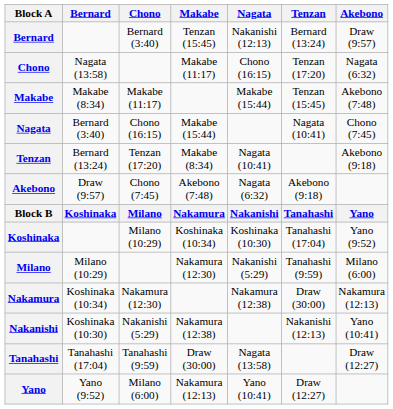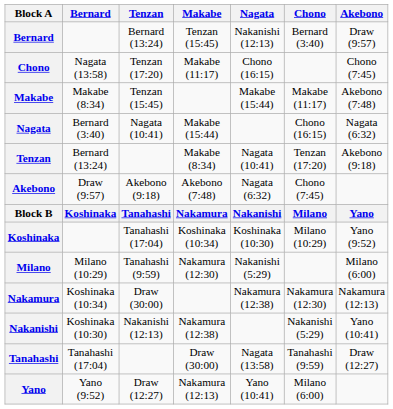 <table class="wikitable" style="margin: 1em auto 1em auto">
 <tr align="center">
 <th>Block A</th>
 <th><a href='#'>Bernard</a></th>
-<th><a href='#'>Chono</a></th>
+<th><a href='#'>Tenzan</a></th>
 <th><a href='#'>Makabe</a></th>
 <th><a href='#'>Nagata</a></th>
-<th><a href='#'>Tenzan</a></th>
+<th><a href='#'>Chono</a></th>
 <th><a href='#'>Akebono</a></th>
 </tr>
 <tr align="center">
 <th><a href='#'>Bernard</a></th>
 <td></td>
-<td>Bernard<br>(3:40)</td>
+<td>Bernard<br>(13:24)</td>
 <td>Tenzan<br>(15:45)</td>
 <td>Nakanishi<br>(12:13)</td>
-<td>Bernard<br>(13:24)</td>
+<td>Bernard<br>(3:40)</td>
 <td>Draw<br>(9:57)</td>
 </tr>
 <tr align="center">
 <th><a href='#'>Chono</a></th>
 <td>Nagata<br>(13:58)</td>
-<td></td>
+<td>Tenzan<br>(17:20)</td>
 <td>Makabe<br>(11:17)</td>
 <td>Chono<br>(16:15)</td>
-<td>Tenzan<br>(17:20)</td>
-<td>Nagata<br>(6:32)</td>
+<td></td>
+<td>Chono<br>(7:45)</td>
 </tr>
 <tr align="center">
 <th><a href='#'>Makabe</a></th>
 <td>Makabe<br>(8:34)</td>
-<td>Makabe<br>(11:17)</td>
+<td>Tenzan<br>(15:45)</td>
 <td></td>
 <td>Makabe<br>(15:44)</td>
-<td>Tenzan<br>(15:45)</td>
+<td>Makabe<br>(11:17)</td>
 <td>Akebono<br>(7:48)</td>
 </tr>
 <tr align="center">
 <th><a href='#'>Nagata</a></th>
 <td>Bernard<br>(3:40)</td>
-<td>Chono<br>(16:15)</td>
+<td>Nagata<br>(10:41)</td>
 <td>Makabe<br>(15:44)</td>
 <td></td>
-<td>Nagata<br>(10:41)</td>
-<td>Chono<br>(7:45)</td>
+<td>Chono<br>(16:15)</td>
+<td>Nagata<br>(6:32)</td>
 </tr>
 <tr align="center">
 <th><a href='#'>Tenzan</a></th>
 <td>Bernard<br>(13:24)</td>
-<td>Tenzan<br>(17:20)</td>
+<td></td>
 <td>Makabe<br>(8:34)</td>
 <td>Nagata<br>(10:41)</td>
-<td></td>
+<td>Tenzan<br>(17:20)</td>
 <td>Akebono<br>(9:18)</td>
 </tr>
 <tr align="center">
 <th><a href='#'>Akebono</a></th>
 <td>Draw<br>(9:57)</td>
-<td>Chono<br>(7:45)</td>
+<td>Akebono<br>(9:18)</td>
 <td>Akebono<br>(7:48)</td>
 <td>Nagata<br>(6:32)</td>
-<td>Akebono<br>(9:18)</td>
+<td>Chono<br>(7:45)</td>
 <td></td>
 </tr>
 <tr align="center">
 <th>Block B</th>
 <th><a href='#'>Koshinaka</a></th>
-<th><a href='#'>Milano</a></th>
+<th><a href='#'>Tanahashi</a></th>
 <th><a href='#'>Nakamura</a></th>
 <th><a href='#'>Nakanishi</a></th>
-<th><a href='#'>Tanahashi</a></th>
+<th><a href='#'>Milano</a></th>
 <th><a href='#'>Yano</a></th>
 </tr>
 <tr align="center">
 <th><a href='#'>Koshinaka</a></th>
 <td></td>
-<td>Milano<br>(10:29)</td>
+<td>Tanahashi<br>(17:04)</td>
 <td>Koshinaka<br>(10:34)</td>
 <td>Koshinaka<br>(10:30)</td>
-<td>Tanahashi<br>(17:04)</td>
+<td>Milano<br>(10:29)</td>
 <td>Yano<br>(9:52)</td>
 </tr>
 <tr align="center">
 <th><a href='#'>Milano</a></th>
 <td>Milano<br>(10:29)</td>
-<td></td>
+<td>Tanahashi<br>(9:59)</td>
 <td>Nakamura<br>(12:30)</td>
 <td>Nakanishi<br>(5:29)</td>
-<td>Tanahashi<br>(9:59)</td>
+<td></td>
 <td>Milano<br>(6:00)</td>
 </tr>
 <tr align="center">
 <th><a href='#'>Nakamura</a></th>
 <td>Koshinaka<br>(10:34)</td>
-<td>Nakamura<br>(12:30)</td>
+<td>Draw<br>(30:00)</td>
 <td></td>
 <td>Nakamura<br>(12:38)</td>
-<td>Draw<br>(30:00)</td>
+<td>Nakamura<br>(12:30)</td>
 <td>Nakamura<br>(12:13)</td>
 </tr>
 <tr align="center">
 <th><a href='#'>Nakanishi</a></th>
 <td>Koshinaka<br>(10:30)</td>
-<td>Nakanishi<br>(5:29)</td>
+<td>Nakanishi<br>(12:13)</td>
 <td>Nakamura<br>(12:38)</td>
 <td></td>
-<td>Nakanishi<br>(12:13)</td>
+<td>Nakanishi<br>(5:29)</td>
 <td>Yano<br>(10:41)</td>
 </tr>
 <tr align="center">
 <th><a href='#'>Tanahashi</a></th>
 <td>Tanahashi<br>(17:04)</td>
-<td>Tanahashi<br>(9:59)</td>
+<td></td>
 <td>Draw<br>(30:00)</td>
 <td>Nagata<br>(13:58)</td>
-<td></td>
+<td>Tanahashi<br>(9:59)</td>
 <td>Draw<br>(12:27)</td>
 </tr>
 <tr align="center">
 <th><a href='#'>Yano</a></th>
 <td>Yano<br>(9:52)</td>
-<td>Milano<br>(6:00)</td>
+<td>Draw<br>(12:27)</td>
 <td>Nakamura<br>(12:13)</td>
 <td>Yano<br>(10:41)</td>
-<td>Draw<br>(12:27)</td>
+<td>Milano<br>(6:00)</td>
 <td></td>
 </tr>
 </table>
